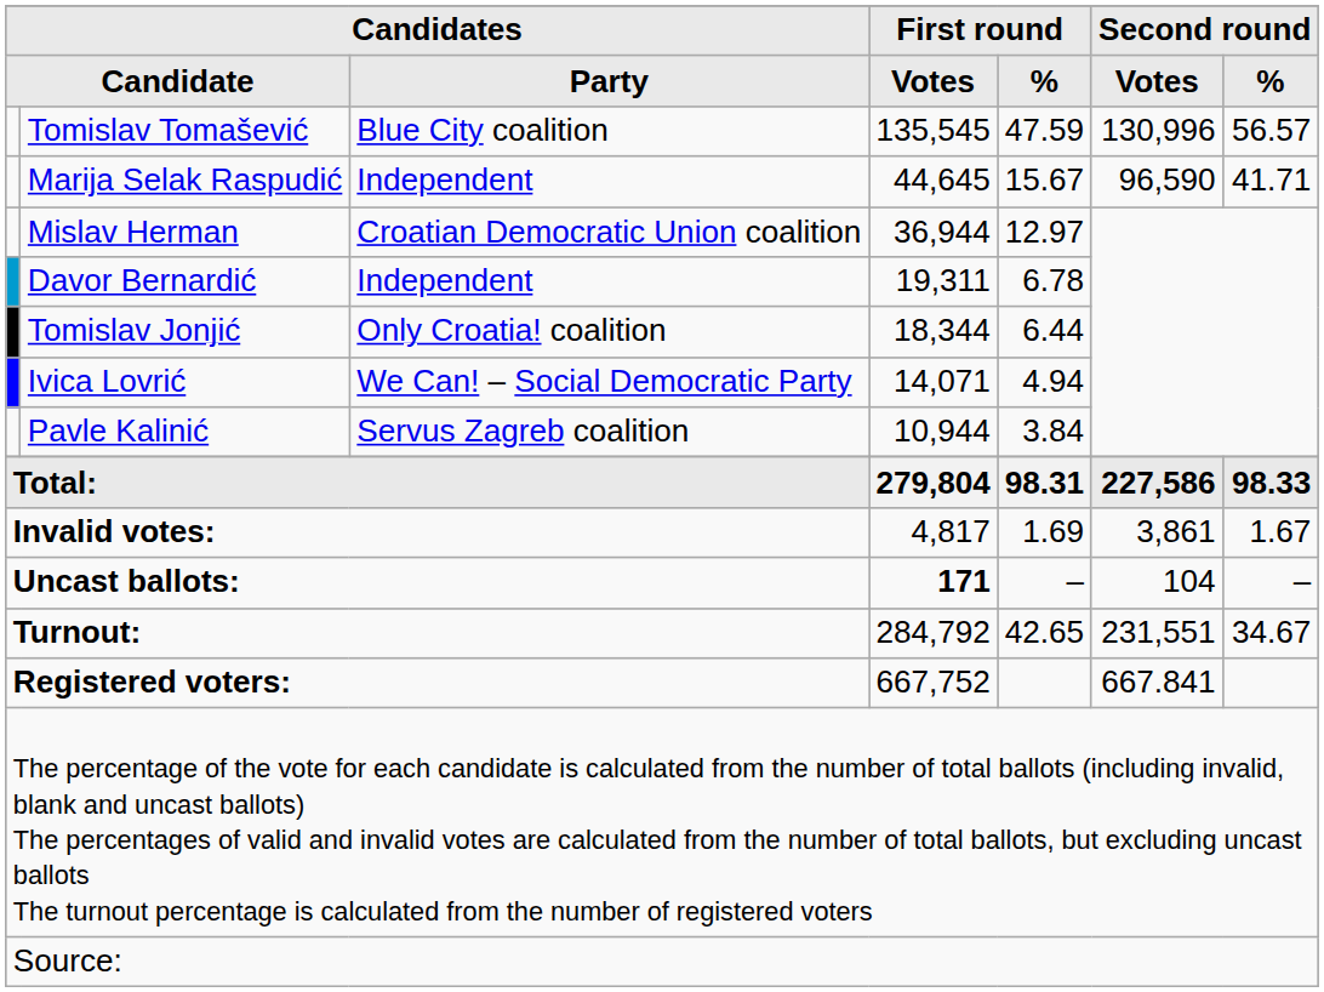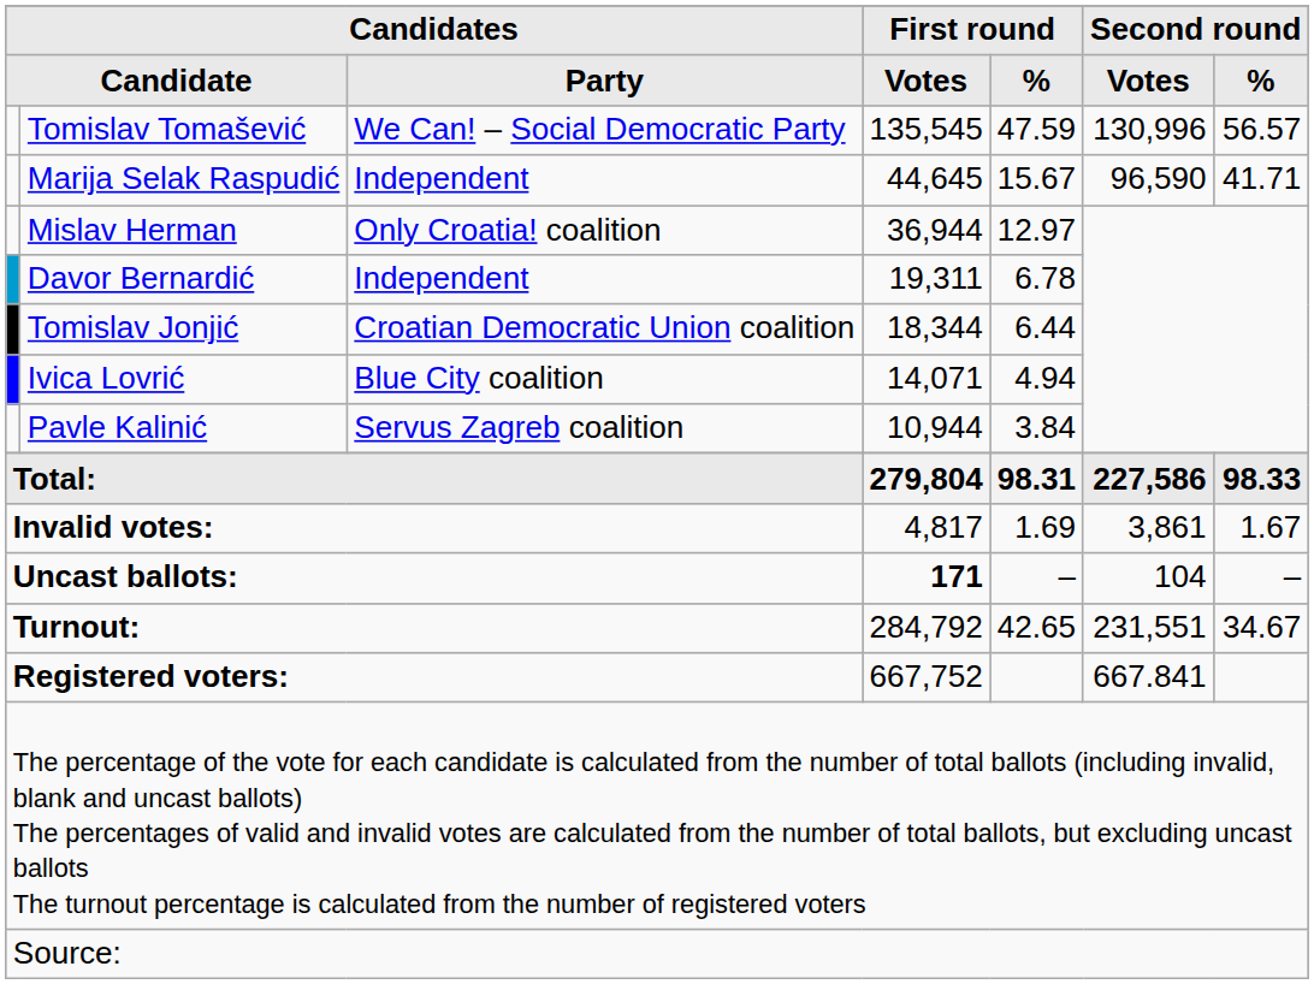 <table class="wikitable" border="1">
 <tr>
 </tr>
 <tr style="background-color:#C9C9C9">
 <th style="background-color:#E9E9E9" align= center colspan="3">Candidates</th>
 <th style="background-color:#E9E9E9" align= center colspan="2">First round</th>
 <th style="background-color:#E9E9E9" align= center colspan="2">Second round</th>
 </tr>
 <tr>
 <th style="background-color:#E9E9E9" align= center colspan="2">Candidate</th>
 <th style="background-color:#E9E9E9" align= center>Party</th>
 <th style="background-color:#E9E9E9" align= center>Votes</th>
 <th style="background-color:#E9E9E9" align= center>%</th>
 <th style="background-color:#E9E9E9" align= center>Votes</th>
 <th style="background-color:#E9E9E9" align= center>%</th>
 </tr>
 <tr>
 <td bgcolor=></td>
 <td align="left"><a href='#'>Tomislav Tomašević</a></td>
-<td align = left><a href='#'>Blue City</a> coalition</td>
+<td align="left"><a href='#'>We Can!</a> – <a href='#'>Social Democratic Party</a></td>
 <td align="right">135,545</td>
 <td align="right">47.59</td>
 <td align="right">130,996</td>
 <td align="right">56.57</td>
 </tr>
 <tr>
 <td bgcolor=></td>
 <td align = left><a href='#'>Marija Selak Raspudić</a></td>
 <td align = left><a href='#'>Independent</a></td>
 <td align = right>44,645</td>
 <td align = right>15.67</td>
 <td align="right">96,590</td>
 <td align="right">41.71</td>
 </tr>
 <tr>
 <td></td>
 <td align="left"><a href='#'>Mislav Herman</a></td>
-<td align="left"><a href='#'>Croatian Democratic Union</a> coalition</td>
+<td align="left"><a href='#'>Only Croatia!</a> coalition</td>
 <td align="right">36,944</td>
 <td align="right">12.97</td>
 <td align="right" colspan ="2" rowspan="5"></td>
 </tr>
 <tr>
 <td bgcolor=#009bcf></td>
 <td align="left"><a href='#'>Davor Bernardić</a></td>
 <td align = left><a href='#'>Independent</a></td>
 <td align="right">19,311</td>
 <td align="right">6.78</td>
 </tr>
 <tr>
 <td bgcolor=black></td>
 <td align="left"><a href='#'>Tomislav Jonjić</a></td>
-<td align="left"><a href='#'>Only Croatia!</a> coalition</td>
+<td align="left"><a href='#'>Croatian Democratic Union</a> coalition</td>
 <td align="right">18,344</td>
 <td align="right">6.44</td>
 </tr>
 <tr>
 <td bgcolor="blue"></td>
 <td align = left><a href='#'>Ivica Lovrić</a></td>
-<td align="left"><a href='#'>We Can!</a> – <a href='#'>Social Democratic Party</a></td>
+<td align = left><a href='#'>Blue City</a> coalition</td>
 <td align = right>14,071</td>
 <td align = right>4.94</td>
 </tr>
 <tr>
 <td bgcolor=></td>
 <td align = left><a href='#'>Pavle Kalinić</a></td>
 <td align="left"><a href='#'>Servus Zagreb</a> coalition</td>
 <td align = right>10,944</td>
 <td align = right>3.84</td>
 </tr>
 <tr>
 </tr>
 <tr style="background-color:#E9E9E9">
 <td align=left colspan=3><strong>Total:</strong></td>
 <th align=right>279,804</th>
 <th align=right>98.31</th>
 <td align="right"><strong>227,586</strong></td>
 <td align="right"><strong>98.33</strong></td>
 </tr>
 <tr>
 <td align=left colspan=3><strong>Invalid votes:</strong></td>
 <td align=right>4,817</td>
 <td align=right>1.69</td>
 <td align=right>3,861</td>
 <td align=right>1.67</td>
 </tr>
 <tr>
 <td align=left colspan=3><strong>Uncast ballots:</strong></td>
 <td align=right><strong>171</strong></td>
 <td align=right>–</td>
 <td align=right>104</td>
 <td align=right>–</td>
 </tr>
 <tr>
 <td align=left colspan=3><strong>Turnout:</strong></td>
 <td align=right>284,792</td>
 <td align=right>42.65</td>
 <td align=right>231,551</td>
 <td align=right>34.67</td>
 </tr>
 <tr>
 <td align=left colspan=3><strong>Registered voters:</strong></td>
 <td align=right>667,752</td>
 <td align=right></td>
 <td align=right>667.841</td>
 <td align=right></td>
 </tr>
 <tr>
 <td align=left colspan=8><br><small>The percentage of the vote for each candidate is calculated from the number of total ballots (including invalid,<br> blank and uncast ballots)<br> The percentages of valid and invalid votes are calculated from the number of total ballots, but excluding uncast<br>ballots<br> The turnout percentage is calculated from the number of registered voters</small></td>
 </tr>
 <tr>
 <td align=left colspan=8>Source: </td>
 </tr>
 </table>
